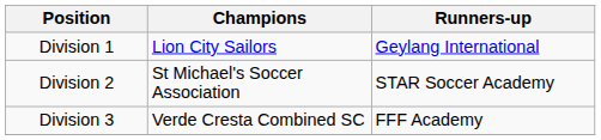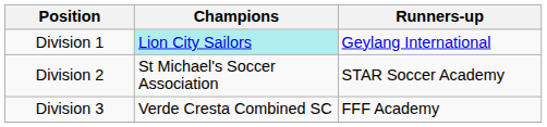 <table class="wikitable" style="text-align:center">
 <tr>
 <th width='125'>Position</th>
 <th width='200'>Champions</th>
 <th width='200'>Runners-up</th>
 </tr>
 <tr>
 <td>Division 1</td>
-<td align='left'><a href='#'>Lion City Sailors</a></td>
+<td align='left' style="background: paleturquoise;"><a href='#'>Lion City Sailors</a></td>
 <td align='left'><a href='#'>Geylang International</a></td>
 </tr>
 <tr>
 <td>Division 2</td>
 <td align='left'>St Michael's Soccer Association</td>
 <td align='left'>STAR Soccer Academy</td>
 </tr>
 <tr>
 <td>Division 3</td>
 <td align='left'>Verde Cresta Combined SC</td>
 <td align='left'>FFF Academy</td>
 </tr>
 <tr>
 </tr>
 </table>
